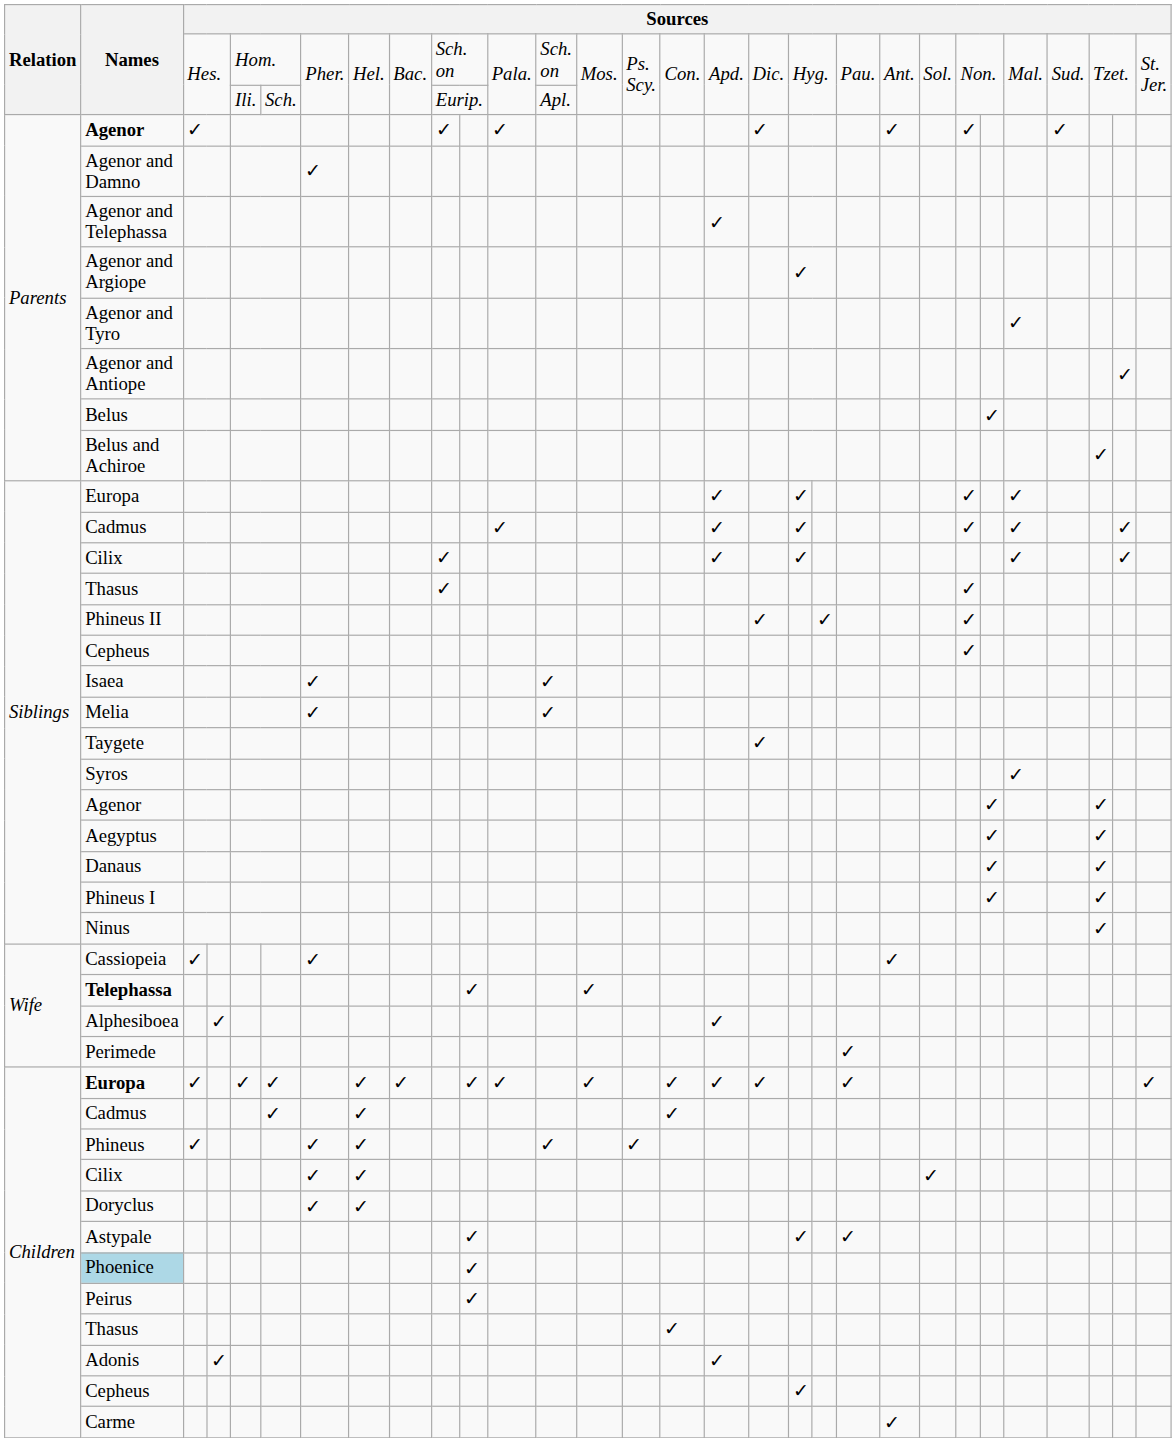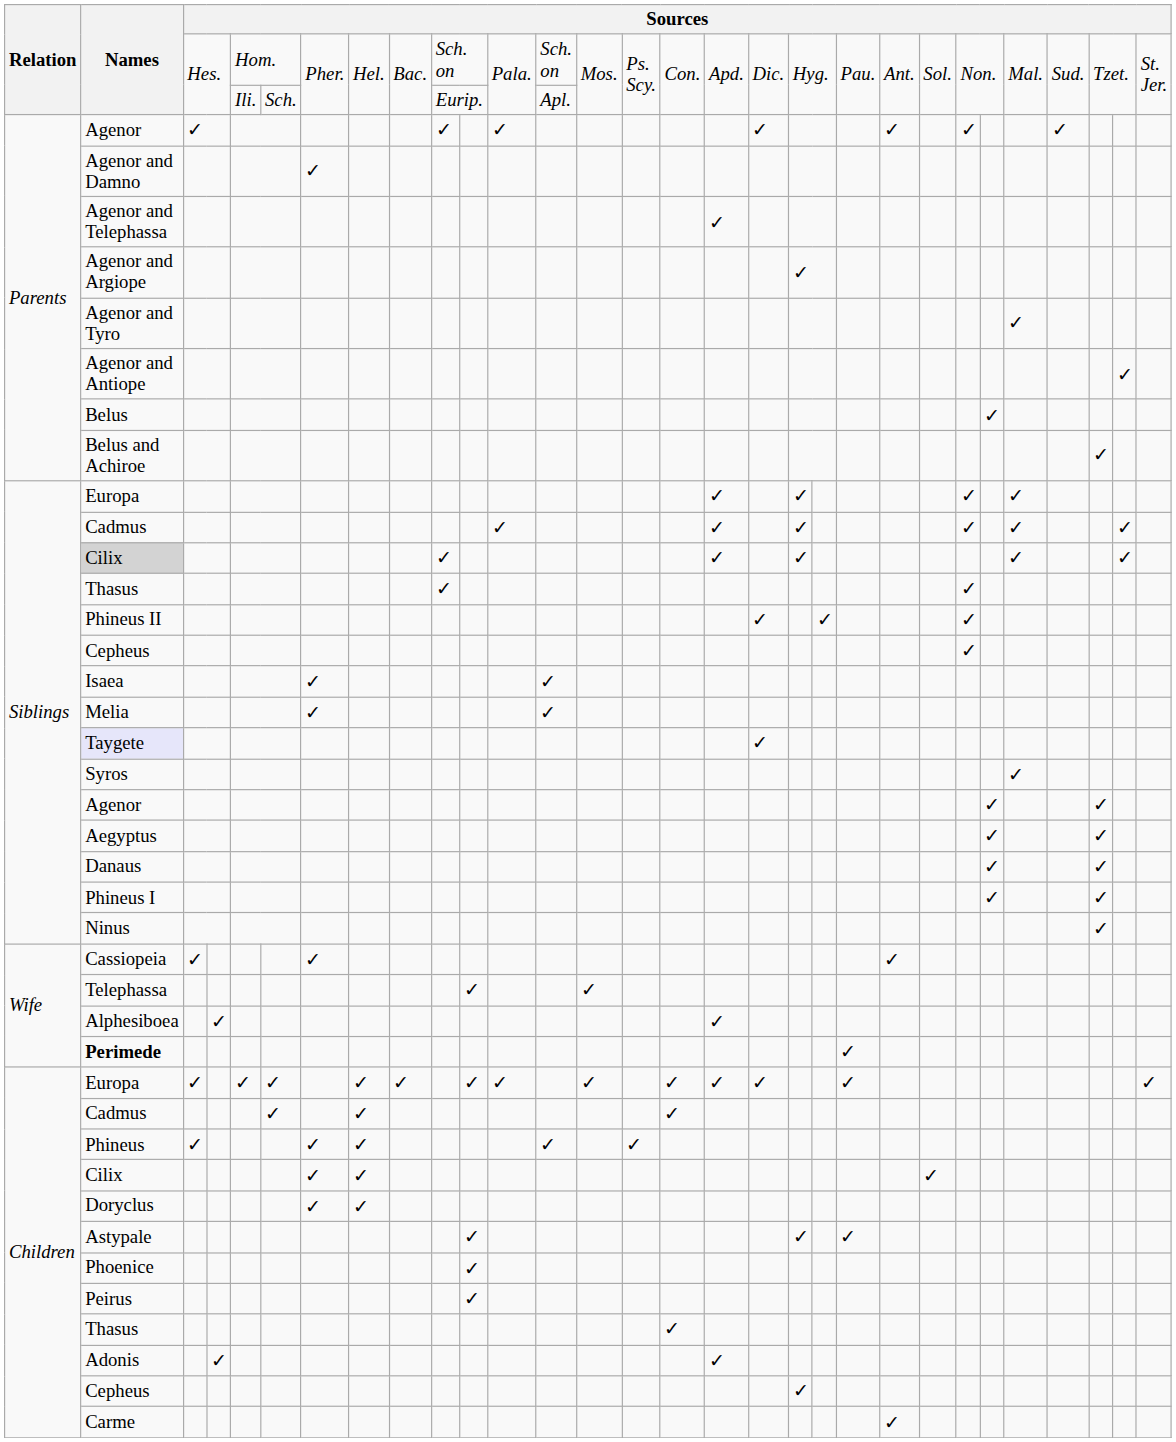 <table class="wikitable">
 <tr>
 <th rowspan="3">Relation</th>
 <th rowspan="3">Names</th>
 <th colspan="28">Sources</th>
 </tr>
 <tr>
 <td colspan="2" rowspan="2"><em>Hes.</em></td>
 <td colspan="2"><em>Hom.</em></td>
 <td rowspan="2"><em>Pher.</em></td>
 <td rowspan="2"><em>Hel.</em></td>
 <td rowspan="2"><em>Bac.</em></td>
 <td colspan="2"><em>Sch. on</em></td>
 <td rowspan="2"><em>Pala.</em></td>
 <td><em>Sch. on</em></td>
 <td rowspan="2"><em>Mos.</em></td>
 <td rowspan="2"><em>Ps. Scy.</em></td>
 <td rowspan="2"><em>Con.</em></td>
 <td rowspan="2"><em>Apd.</em></td>
 <td rowspan="2"><em>Dic.</em></td>
 <td colspan="2" rowspan="2"><em>Hyg.</em></td>
 <td rowspan="2"><em>Pau.</em></td>
 <td rowspan="2"><em>Ant.</em></td>
 <td rowspan="2"><em>Sol.</em></td>
 <td colspan="2" rowspan="2"><em>Non.</em></td>
 <td rowspan="2"><em>Mal.</em></td>
 <td rowspan="2"><em>Sud.</em></td>
 <td colspan="2" rowspan="2"><em>Tzet.</em></td>
 <td rowspan="2"><em>St. Jer.</em></td>
 </tr>
 <tr>
 <td><em>Ili.</em></td>
 <td><em>Sch.</em></td>
 <td colspan="2"><em>Eurip.</em></td>
 <td><em>Apl.</em></td>
 </tr>
 <tr>
 <td rowspan="8"><em>Parents</em></td>
-<td><strong>Agenor</strong></td>
+<td>Agenor</td>
 <td colspan="2">✓</td>
 <td colspan="2"></td>
 <td></td>
 <td></td>
 <td></td>
 <td>✓</td>
 <td></td>
 <td>✓</td>
 <td></td>
 <td></td>
 <td></td>
 <td></td>
 <td></td>
 <td>✓</td>
 <td colspan="2"></td>
 <td></td>
 <td>✓</td>
 <td></td>
 <td>✓</td>
 <td></td>
 <td></td>
 <td>✓</td>
 <td></td>
 <td></td>
 <td></td>
 </tr>
 <tr>
 <td>Agenor and Damno</td>
 <td colspan="2"></td>
 <td colspan="2"></td>
 <td>✓</td>
 <td></td>
 <td></td>
 <td></td>
 <td></td>
 <td></td>
 <td></td>
 <td></td>
 <td></td>
 <td></td>
 <td></td>
 <td></td>
 <td colspan="2"></td>
 <td></td>
 <td></td>
 <td></td>
 <td></td>
 <td></td>
 <td></td>
 <td></td>
 <td></td>
 <td></td>
 <td></td>
 </tr>
 <tr>
 <td>Agenor and Telephassa</td>
 <td colspan="2"></td>
 <td colspan="2"></td>
 <td></td>
 <td></td>
 <td></td>
 <td></td>
 <td></td>
 <td></td>
 <td></td>
 <td></td>
 <td></td>
 <td></td>
 <td>✓</td>
 <td></td>
 <td colspan="2"></td>
 <td></td>
 <td></td>
 <td></td>
 <td></td>
 <td></td>
 <td></td>
 <td></td>
 <td></td>
 <td></td>
 <td></td>
 </tr>
 <tr>
 <td>Agenor and Argiope</td>
 <td colspan="2"></td>
 <td colspan="2"></td>
 <td></td>
 <td></td>
 <td></td>
 <td></td>
 <td></td>
 <td></td>
 <td></td>
 <td></td>
 <td></td>
 <td></td>
 <td></td>
 <td></td>
 <td colspan="2">✓</td>
 <td></td>
 <td></td>
 <td></td>
 <td></td>
 <td></td>
 <td></td>
 <td></td>
 <td></td>
 <td></td>
 <td></td>
 </tr>
 <tr>
 <td>Agenor and Tyro</td>
 <td colspan="2"></td>
 <td colspan="2"></td>
 <td></td>
 <td></td>
 <td></td>
 <td></td>
 <td></td>
 <td></td>
 <td></td>
 <td></td>
 <td></td>
 <td></td>
 <td></td>
 <td></td>
 <td colspan="2"></td>
 <td></td>
 <td></td>
 <td></td>
 <td></td>
 <td></td>
 <td>✓</td>
 <td></td>
 <td></td>
 <td></td>
 <td></td>
 </tr>
 <tr>
 <td>Agenor and Antiope</td>
 <td colspan="2"></td>
 <td colspan="2"></td>
 <td></td>
 <td></td>
 <td></td>
 <td></td>
 <td></td>
 <td></td>
 <td></td>
 <td></td>
 <td></td>
 <td></td>
 <td></td>
 <td></td>
 <td colspan="2"></td>
 <td></td>
 <td></td>
 <td></td>
 <td></td>
 <td></td>
 <td></td>
 <td></td>
 <td></td>
 <td>✓</td>
 <td></td>
 </tr>
 <tr>
 <td>Belus</td>
 <td colspan="2"></td>
 <td colspan="2"></td>
 <td></td>
 <td></td>
 <td></td>
 <td></td>
 <td></td>
 <td></td>
 <td></td>
 <td></td>
 <td></td>
 <td></td>
 <td></td>
 <td></td>
 <td colspan="2"></td>
 <td></td>
 <td></td>
 <td></td>
 <td></td>
 <td>✓</td>
 <td></td>
 <td></td>
 <td></td>
 <td></td>
 <td></td>
 </tr>
 <tr>
 <td>Belus and Achiroe</td>
 <td colspan="2"></td>
 <td colspan="2"></td>
 <td></td>
 <td></td>
 <td></td>
 <td></td>
 <td></td>
 <td></td>
 <td></td>
 <td></td>
 <td></td>
 <td></td>
 <td></td>
 <td></td>
 <td colspan="2"></td>
 <td></td>
 <td></td>
 <td></td>
 <td></td>
 <td></td>
 <td></td>
 <td></td>
 <td>✓</td>
 <td></td>
 <td></td>
 </tr>
 <tr>
 <td rowspan="15"><em>Siblings</em></td>
 <td>Europa</td>
 <td colspan="2"></td>
 <td colspan="2"></td>
 <td></td>
 <td></td>
 <td></td>
 <td></td>
 <td></td>
 <td></td>
 <td></td>
 <td></td>
 <td></td>
 <td></td>
 <td>✓</td>
 <td></td>
 <td>✓</td>
 <td></td>
 <td></td>
 <td></td>
 <td></td>
 <td>✓</td>
 <td></td>
 <td>✓</td>
 <td></td>
 <td></td>
 <td></td>
 <td></td>
 </tr>
 <tr>
 <td>Cadmus</td>
 <td colspan="2"></td>
 <td colspan="2"></td>
 <td></td>
 <td></td>
 <td></td>
 <td></td>
 <td></td>
 <td>✓</td>
 <td></td>
 <td></td>
 <td></td>
 <td></td>
 <td>✓</td>
 <td></td>
 <td>✓</td>
 <td></td>
 <td></td>
 <td></td>
 <td></td>
 <td>✓</td>
 <td></td>
 <td>✓</td>
 <td></td>
 <td></td>
 <td>✓</td>
 <td></td>
 </tr>
 <tr>
-<td>Cilix</td>
+<td style="background: lightgrey;">Cilix</td>
 <td colspan="2"></td>
 <td colspan="2"></td>
 <td></td>
 <td></td>
 <td></td>
 <td>✓</td>
 <td></td>
 <td></td>
 <td></td>
 <td></td>
 <td></td>
 <td></td>
 <td>✓</td>
 <td></td>
 <td>✓</td>
 <td></td>
 <td></td>
 <td></td>
 <td></td>
 <td></td>
 <td></td>
 <td>✓</td>
 <td></td>
 <td></td>
 <td>✓</td>
 <td></td>
 </tr>
 <tr>
 <td>Thasus</td>
 <td colspan="2"></td>
 <td colspan="2"></td>
 <td></td>
 <td></td>
 <td></td>
 <td>✓</td>
 <td></td>
 <td></td>
 <td></td>
 <td></td>
 <td></td>
 <td></td>
 <td></td>
 <td></td>
 <td></td>
 <td></td>
 <td></td>
 <td></td>
 <td></td>
 <td>✓</td>
 <td></td>
 <td></td>
 <td></td>
 <td></td>
 <td></td>
 <td></td>
 </tr>
 <tr>
 <td>Phineus II</td>
 <td colspan="2"></td>
 <td colspan="2"></td>
 <td></td>
 <td></td>
 <td></td>
 <td></td>
 <td></td>
 <td></td>
 <td></td>
 <td></td>
 <td></td>
 <td></td>
 <td></td>
 <td>✓</td>
 <td></td>
 <td>✓</td>
 <td></td>
 <td></td>
 <td></td>
 <td>✓</td>
 <td></td>
 <td></td>
 <td></td>
 <td></td>
 <td></td>
 <td></td>
 </tr>
 <tr>
 <td>Cepheus</td>
 <td colspan="2"></td>
 <td colspan="2"></td>
 <td></td>
 <td></td>
 <td></td>
 <td></td>
 <td></td>
 <td></td>
 <td></td>
 <td></td>
 <td></td>
 <td></td>
 <td></td>
 <td></td>
 <td></td>
 <td></td>
 <td></td>
 <td></td>
 <td></td>
 <td>✓</td>
 <td></td>
 <td></td>
 <td></td>
 <td></td>
 <td></td>
 <td></td>
 </tr>
 <tr>
 <td>Isaea</td>
 <td colspan="2"></td>
 <td colspan="2"></td>
 <td>✓</td>
 <td></td>
 <td></td>
 <td></td>
 <td></td>
 <td></td>
 <td>✓</td>
 <td></td>
 <td></td>
 <td></td>
 <td></td>
 <td></td>
 <td></td>
 <td></td>
 <td></td>
 <td></td>
 <td></td>
 <td></td>
 <td></td>
 <td></td>
 <td></td>
 <td></td>
 <td></td>
 <td></td>
 </tr>
 <tr>
 <td>Melia</td>
 <td colspan="2"></td>
 <td colspan="2"></td>
 <td>✓</td>
 <td></td>
 <td></td>
 <td></td>
 <td></td>
 <td></td>
 <td>✓</td>
 <td></td>
 <td></td>
 <td></td>
 <td></td>
 <td></td>
 <td></td>
 <td></td>
 <td></td>
 <td></td>
 <td></td>
 <td></td>
 <td></td>
 <td></td>
 <td></td>
 <td></td>
 <td></td>
 <td></td>
 </tr>
 <tr>
-<td>Taygete</td>
+<td style="background: lavender;">Taygete</td>
 <td colspan="2"></td>
 <td colspan="2"></td>
 <td></td>
 <td></td>
 <td></td>
 <td></td>
 <td></td>
 <td></td>
 <td></td>
 <td></td>
 <td></td>
 <td></td>
 <td></td>
 <td>✓</td>
 <td></td>
 <td></td>
 <td></td>
 <td></td>
 <td></td>
 <td></td>
 <td></td>
 <td></td>
 <td></td>
 <td></td>
 <td></td>
 <td></td>
 </tr>
 <tr>
 <td>Syros</td>
 <td colspan="2"></td>
 <td colspan="2"></td>
 <td></td>
 <td></td>
 <td></td>
 <td></td>
 <td></td>
 <td></td>
 <td></td>
 <td></td>
 <td></td>
 <td></td>
 <td></td>
 <td></td>
 <td></td>
 <td></td>
 <td></td>
 <td></td>
 <td></td>
 <td></td>
 <td></td>
 <td>✓</td>
 <td></td>
 <td></td>
 <td></td>
 <td></td>
 </tr>
 <tr>
 <td>Agenor</td>
 <td colspan="2"></td>
 <td colspan="2"></td>
 <td></td>
 <td></td>
 <td></td>
 <td></td>
 <td></td>
 <td></td>
 <td></td>
 <td></td>
 <td></td>
 <td></td>
 <td></td>
 <td></td>
 <td></td>
 <td></td>
 <td></td>
 <td></td>
 <td></td>
 <td></td>
 <td>✓</td>
 <td></td>
 <td></td>
 <td>✓</td>
 <td></td>
 <td></td>
 </tr>
 <tr>
 <td>Aegyptus</td>
 <td colspan="2"></td>
 <td colspan="2"></td>
 <td></td>
 <td></td>
 <td></td>
 <td></td>
 <td></td>
 <td></td>
 <td></td>
 <td></td>
 <td></td>
 <td></td>
 <td></td>
 <td></td>
 <td></td>
 <td></td>
 <td></td>
 <td></td>
 <td></td>
 <td></td>
 <td>✓</td>
 <td></td>
 <td></td>
 <td>✓</td>
 <td></td>
 <td></td>
 </tr>
 <tr>
 <td>Danaus</td>
 <td colspan="2"></td>
 <td colspan="2"></td>
 <td></td>
 <td></td>
 <td></td>
 <td></td>
 <td></td>
 <td></td>
 <td></td>
 <td></td>
 <td></td>
 <td></td>
 <td></td>
 <td></td>
 <td></td>
 <td></td>
 <td></td>
 <td></td>
 <td></td>
 <td></td>
 <td>✓</td>
 <td></td>
 <td></td>
 <td>✓</td>
 <td></td>
 <td></td>
 </tr>
 <tr>
 <td>Phineus I</td>
 <td colspan="2"></td>
 <td colspan="2"></td>
 <td></td>
 <td></td>
 <td></td>
 <td></td>
 <td></td>
 <td></td>
 <td></td>
 <td></td>
 <td></td>
 <td></td>
 <td></td>
 <td></td>
 <td></td>
 <td></td>
 <td></td>
 <td></td>
 <td></td>
 <td></td>
 <td>✓</td>
 <td></td>
 <td></td>
 <td>✓</td>
 <td></td>
 <td></td>
 </tr>
 <tr>
 <td>Ninus</td>
 <td colspan="2"></td>
 <td colspan="2"></td>
 <td></td>
 <td></td>
 <td></td>
 <td></td>
 <td></td>
 <td></td>
 <td></td>
 <td></td>
 <td></td>
 <td></td>
 <td></td>
 <td></td>
 <td></td>
 <td></td>
 <td></td>
 <td></td>
 <td></td>
 <td></td>
 <td></td>
 <td></td>
 <td></td>
 <td>✓</td>
 <td></td>
 <td></td>
 </tr>
 <tr>
 <td rowspan="4"><em>Wife</em></td>
 <td>Cassiopeia</td>
 <td>✓</td>
 <td></td>
 <td></td>
 <td></td>
 <td>✓</td>
 <td></td>
 <td></td>
 <td></td>
 <td></td>
 <td></td>
 <td></td>
 <td></td>
 <td></td>
 <td></td>
 <td></td>
 <td></td>
 <td></td>
 <td></td>
 <td></td>
 <td>✓</td>
 <td></td>
 <td></td>
 <td></td>
 <td></td>
 <td></td>
 <td></td>
 <td></td>
 <td></td>
 </tr>
 <tr>
-<td><strong>Telephassa</strong></td>
+<td>Telephassa</td>
 <td></td>
 <td></td>
 <td></td>
 <td></td>
 <td></td>
 <td></td>
 <td></td>
 <td></td>
 <td>✓</td>
 <td></td>
 <td></td>
 <td>✓</td>
 <td></td>
 <td></td>
 <td></td>
 <td></td>
 <td></td>
 <td></td>
 <td></td>
 <td></td>
 <td></td>
 <td></td>
 <td></td>
 <td></td>
 <td></td>
 <td></td>
 <td></td>
 <td></td>
 </tr>
 <tr>
 <td>Alphesiboea</td>
 <td></td>
 <td>✓</td>
 <td></td>
 <td></td>
 <td></td>
 <td></td>
 <td></td>
 <td></td>
 <td></td>
 <td></td>
 <td></td>
 <td></td>
 <td></td>
 <td></td>
 <td>✓</td>
 <td></td>
 <td></td>
 <td></td>
 <td></td>
 <td></td>
 <td></td>
 <td></td>
 <td></td>
 <td></td>
 <td></td>
 <td></td>
 <td></td>
 <td></td>
 </tr>
 <tr>
-<td>Perimede</td>
+<td><strong>Perimede</strong></td>
 <td></td>
 <td></td>
 <td></td>
 <td></td>
 <td></td>
 <td></td>
 <td></td>
 <td></td>
 <td></td>
 <td></td>
 <td></td>
 <td></td>
 <td></td>
 <td></td>
 <td></td>
 <td></td>
 <td></td>
 <td></td>
 <td>✓</td>
 <td></td>
 <td></td>
 <td></td>
 <td></td>
 <td></td>
 <td></td>
 <td></td>
 <td></td>
 <td></td>
 </tr>
 <tr>
 <td rowspan="12"><em>Children</em></td>
-<td><strong>Europa</strong></td>
+<td>Europa</td>
 <td>✓</td>
 <td></td>
 <td>✓</td>
 <td>✓</td>
 <td></td>
 <td>✓</td>
 <td>✓</td>
 <td></td>
 <td>✓</td>
 <td>✓</td>
 <td></td>
 <td>✓</td>
 <td></td>
 <td>✓</td>
 <td>✓</td>
 <td>✓</td>
 <td></td>
 <td></td>
 <td>✓</td>
 <td></td>
 <td></td>
 <td></td>
 <td></td>
 <td></td>
 <td></td>
 <td></td>
 <td></td>
 <td>✓</td>
 </tr>
 <tr>
 <td>Cadmus</td>
 <td></td>
 <td></td>
 <td></td>
 <td>✓</td>
 <td></td>
 <td>✓</td>
 <td></td>
 <td></td>
 <td></td>
 <td></td>
 <td></td>
 <td></td>
 <td></td>
 <td>✓</td>
 <td></td>
 <td></td>
 <td></td>
 <td></td>
 <td></td>
 <td></td>
 <td></td>
 <td></td>
 <td></td>
 <td></td>
 <td></td>
 <td></td>
 <td></td>
 <td></td>
 </tr>
 <tr>
 <td>Phineus</td>
 <td>✓</td>
 <td></td>
 <td></td>
 <td></td>
 <td>✓</td>
 <td>✓</td>
 <td></td>
 <td></td>
 <td></td>
 <td></td>
 <td>✓</td>
 <td></td>
 <td>✓</td>
 <td></td>
 <td></td>
 <td></td>
 <td></td>
 <td></td>
 <td></td>
 <td></td>
 <td></td>
 <td></td>
 <td></td>
 <td></td>
 <td></td>
 <td></td>
 <td></td>
 <td></td>
 </tr>
 <tr>
 <td>Cilix</td>
 <td></td>
 <td></td>
 <td></td>
 <td></td>
 <td>✓</td>
 <td>✓</td>
 <td></td>
 <td></td>
 <td></td>
 <td></td>
 <td></td>
 <td></td>
 <td></td>
 <td></td>
 <td></td>
 <td></td>
 <td></td>
 <td></td>
 <td></td>
 <td></td>
 <td>✓</td>
 <td></td>
 <td></td>
 <td></td>
 <td></td>
 <td></td>
 <td></td>
 <td></td>
 </tr>
 <tr>
 <td>Doryclus</td>
 <td></td>
 <td></td>
 <td></td>
 <td></td>
 <td>✓</td>
 <td>✓</td>
 <td></td>
 <td></td>
 <td></td>
 <td></td>
 <td></td>
 <td></td>
 <td></td>
 <td></td>
 <td></td>
 <td></td>
 <td></td>
 <td></td>
 <td></td>
 <td></td>
 <td></td>
 <td></td>
 <td></td>
 <td></td>
 <td></td>
 <td></td>
 <td></td>
 <td></td>
 </tr>
 <tr>
 <td>Astypale</td>
 <td></td>
 <td></td>
 <td></td>
 <td></td>
 <td></td>
 <td></td>
 <td></td>
 <td></td>
 <td>✓</td>
 <td></td>
 <td></td>
 <td></td>
 <td></td>
 <td></td>
 <td></td>
 <td></td>
 <td>✓</td>
 <td></td>
 <td>✓</td>
 <td></td>
 <td></td>
 <td></td>
 <td></td>
 <td></td>
 <td></td>
 <td></td>
 <td></td>
 <td></td>
 </tr>
 <tr>
-<td style="background: lightblue;">Phoenice</td>
+<td>Phoenice</td>
 <td></td>
 <td></td>
 <td></td>
 <td></td>
 <td></td>
 <td></td>
 <td></td>
 <td></td>
 <td>✓</td>
 <td></td>
 <td></td>
 <td></td>
 <td></td>
 <td></td>
 <td></td>
 <td></td>
 <td></td>
 <td></td>
 <td></td>
 <td></td>
 <td></td>
 <td></td>
 <td></td>
 <td></td>
 <td></td>
 <td></td>
 <td></td>
 <td></td>
 </tr>
 <tr>
 <td>Peirus</td>
 <td></td>
 <td></td>
 <td></td>
 <td></td>
 <td></td>
 <td></td>
 <td></td>
 <td></td>
 <td>✓</td>
 <td></td>
 <td></td>
 <td></td>
 <td></td>
 <td></td>
 <td></td>
 <td></td>
 <td></td>
 <td></td>
 <td></td>
 <td></td>
 <td></td>
 <td></td>
 <td></td>
 <td></td>
 <td></td>
 <td></td>
 <td></td>
 <td></td>
 </tr>
 <tr>
 <td>Thasus</td>
 <td></td>
 <td></td>
 <td></td>
 <td></td>
 <td></td>
 <td></td>
 <td></td>
 <td></td>
 <td></td>
 <td></td>
 <td></td>
 <td></td>
 <td></td>
 <td>✓</td>
 <td></td>
 <td></td>
 <td></td>
 <td></td>
 <td></td>
 <td></td>
 <td></td>
 <td></td>
 <td></td>
 <td></td>
 <td></td>
 <td></td>
 <td></td>
 <td></td>
 </tr>
 <tr>
 <td>Adonis</td>
 <td></td>
 <td>✓</td>
 <td></td>
 <td></td>
 <td></td>
 <td></td>
 <td></td>
 <td></td>
 <td></td>
 <td></td>
 <td></td>
 <td></td>
 <td></td>
 <td></td>
 <td>✓</td>
 <td></td>
 <td></td>
 <td></td>
 <td></td>
 <td></td>
 <td></td>
 <td></td>
 <td></td>
 <td></td>
 <td></td>
 <td></td>
 <td></td>
 <td></td>
 </tr>
 <tr>
 <td>Cepheus</td>
 <td></td>
 <td></td>
 <td></td>
 <td></td>
 <td></td>
 <td></td>
 <td></td>
 <td></td>
 <td></td>
 <td></td>
 <td></td>
 <td></td>
 <td></td>
 <td></td>
 <td></td>
 <td></td>
 <td>✓</td>
 <td></td>
 <td></td>
 <td></td>
 <td></td>
 <td></td>
 <td></td>
 <td></td>
 <td></td>
 <td></td>
 <td></td>
 <td></td>
 </tr>
 <tr>
 <td>Carme</td>
 <td></td>
 <td></td>
 <td></td>
 <td></td>
 <td></td>
 <td></td>
 <td></td>
 <td></td>
 <td></td>
 <td></td>
 <td></td>
 <td></td>
 <td></td>
 <td></td>
 <td></td>
 <td></td>
 <td></td>
 <td></td>
 <td></td>
 <td>✓</td>
 <td></td>
 <td></td>
 <td></td>
 <td></td>
 <td></td>
 <td></td>
 <td></td>
 <td></td>
 </tr>
 </table>
